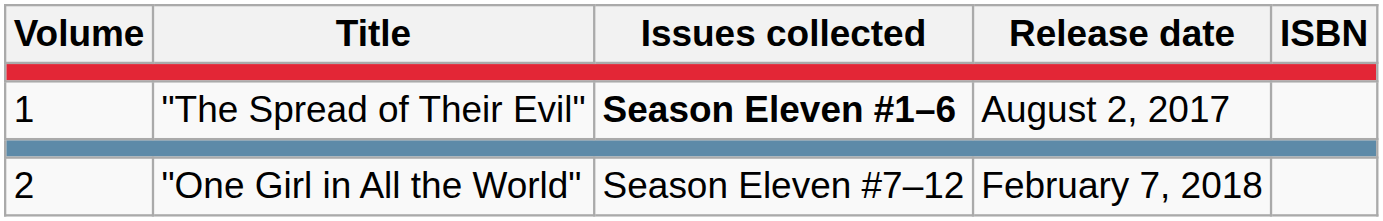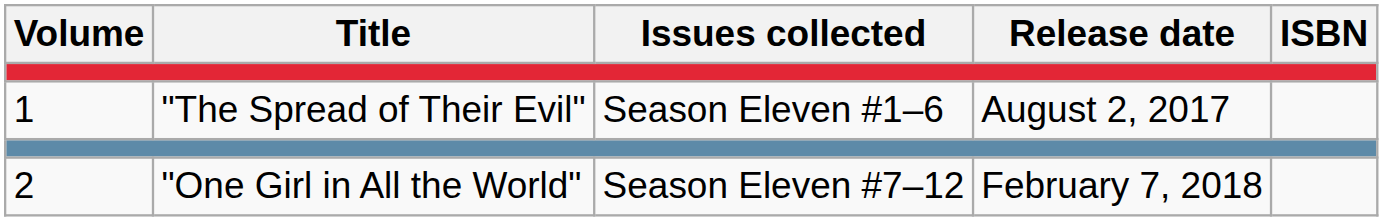 <table class="wikitable">
 <tr>
 <th>Volume</th>
 <th>Title</th>
 <th>Issues collected</th>
 <th>Release date</th>
 <th>ISBN</th>
 </tr>
 <tr>
 <td colspan="5" style="background:#e32636;"></td>
 </tr>
 <tr>
 <td>1</td>
 <td>"The Spread of Their Evil"</td>
-<td><strong>Season Eleven #1–6</strong></td>
+<td>Season Eleven #1–6</td>
 <td>August 2, 2017</td>
 <td></td>
 </tr>
 <tr>
 <td colspan="5" style="background:#5d8aa8;"></td>
 </tr>
 <tr>
 <td>2</td>
 <td>"One Girl in All the World"</td>
 <td>Season Eleven #7–12</td>
 <td>February 7, 2018</td>
 <td></td>
 </tr>
 </table>
